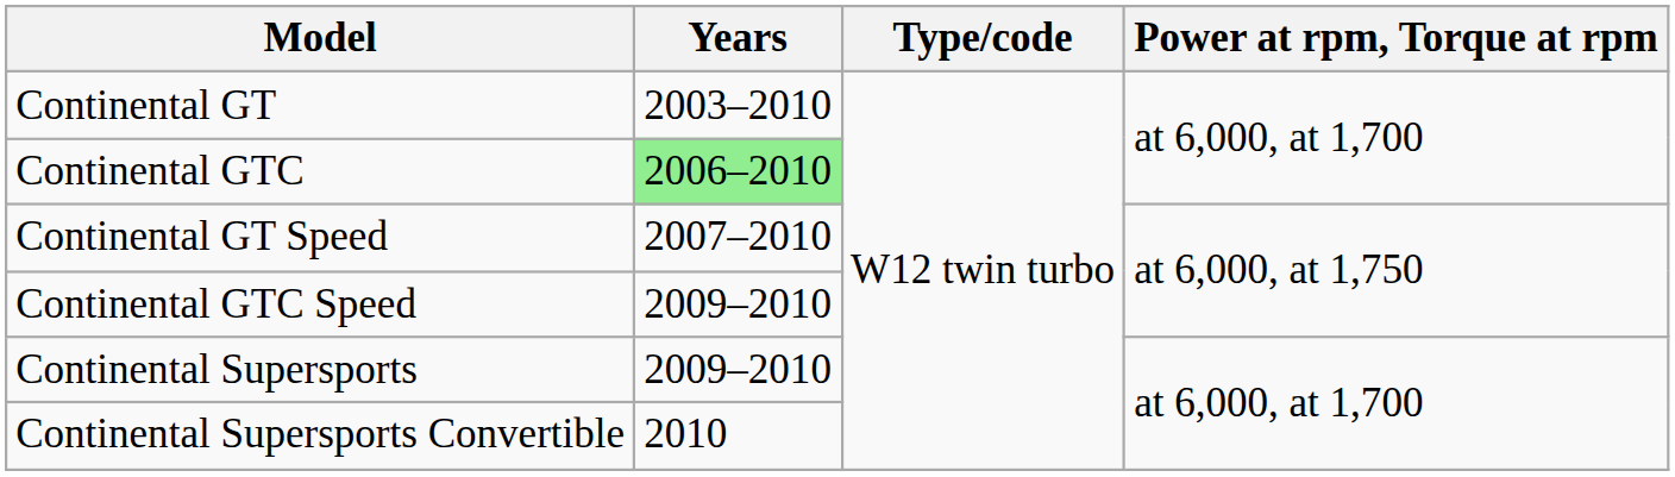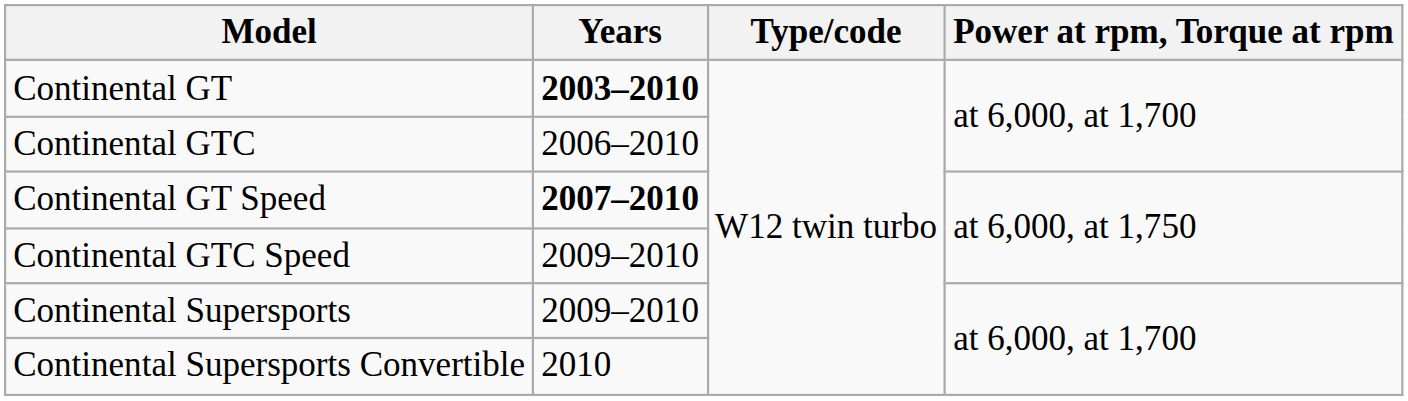 <table class="wikitable sortable collapsible">
 <tr>
 <th>Model</th>
 <th>Years</th>
 <th>Type/code</th>
 <th>Power at rpm, Torque at rpm</th>
 </tr>
 <tr>
 <td>Continental GT</td>
-<td>2003–2010</td>
+<td><strong>2003–2010</strong></td>
 <td rowspan=6> W12 twin turbo</td>
 <td rowspan=2> at 6,000,  at 1,700</td>
 </tr>
 <tr>
 <td>Continental GTC</td>
-<td style="background: lightgreen;">2006–2010</td>
+<td>2006–2010</td>
 </tr>
 <tr>
 <td>Continental GT Speed</td>
-<td>2007–2010</td>
+<td><strong>2007–2010</strong></td>
 <td rowspan=2> at 6,000,  at 1,750</td>
 </tr>
 <tr>
 <td>Continental GTC Speed</td>
 <td>2009–2010</td>
 </tr>
 <tr>
 <td>Continental Supersports</td>
 <td>2009–2010</td>
 <td rowspan=2> at 6,000,  at 1,700</td>
 </tr>
 <tr>
 <td>Continental Supersports Convertible</td>
 <td>2010</td>
 </tr>
 </table>
